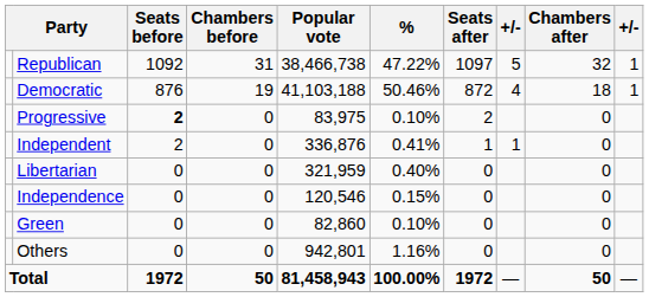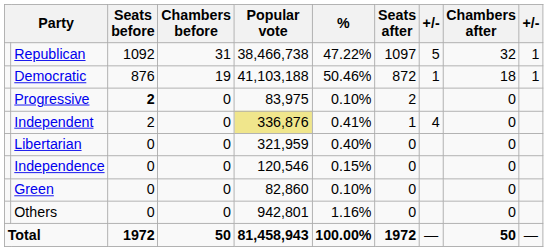 <table class="wikitable">
 <tr>
 <th colspan="2">Party</th>
 <th>Seats<br>before</th>
 <th>Chambers<br>before</th>
 <th>Popular<br>vote</th>
 <th>%</th>
 <th>Seats<br>after</th>
 <th>+/-</th>
 <th>Chambers<br>after</th>
 <th>+/-</th>
 </tr>
 <tr>
 <td style="background:"></td>
 <td><a href='#'>Republican</a></td>
 <td align="right">1092</td>
 <td align="right">31</td>
 <td align="right">38,466,738</td>
 <td align="right">47.22%</td>
 <td align="right">1097</td>
 <td align="right"> 5</td>
 <td align="right">32</td>
 <td align="right"> 1</td>
 </tr>
 <tr>
 <td style="background:"></td>
 <td><a href='#'>Democratic</a></td>
 <td align="right">876</td>
 <td align="right">19</td>
 <td align="right">41,103,188</td>
 <td align="right">50.46%</td>
 <td align="right">872</td>
-<td align="right"> 4</td>
+<td align="right"> 1</td>
 <td align="right">18</td>
 <td align="right"> 1</td>
 </tr>
 <tr>
 <td style="background:"></td>
 <td><a href='#'>Progressive</a></td>
 <td align="right"><strong>2</strong></td>
 <td align="right">0</td>
 <td align="right">83,975</td>
 <td align="right">0.10%</td>
 <td align="right">2</td>
 <td align="center"></td>
 <td align="right">0</td>
 <td align="center"></td>
 </tr>
 <tr>
 <td style="background:"></td>
 <td><a href='#'>Independent</a></td>
 <td align="right">2</td>
 <td align="right">0</td>
-<td align="right">336,876</td>
+<td align="right" style="background: khaki;">336,876</td>
 <td align="right">0.41%</td>
 <td align="right">1</td>
-<td align="right"> 1</td>
+<td align="right"> 4</td>
 <td align="right">0</td>
 <td align="center"></td>
 </tr>
 <tr>
 <td style="background:"></td>
 <td><a href='#'>Libertarian</a></td>
 <td align="right">0</td>
 <td align="right">0</td>
 <td align="right">321,959</td>
 <td align="right">0.40%</td>
 <td align="right">0</td>
 <td align="center"></td>
 <td align="right">0</td>
 <td align="center"></td>
 </tr>
 <tr>
 <td style="background:"></td>
 <td><a href='#'>Independence</a></td>
 <td align="right">0</td>
 <td align="right">0</td>
 <td align="right">120,546</td>
 <td align="right">0.15%</td>
 <td align="right">0</td>
 <td align="center"></td>
 <td align="right">0</td>
 <td align="center"></td>
 </tr>
 <tr>
 <td style="background:"></td>
 <td><a href='#'>Green</a></td>
 <td align="right">0</td>
 <td align="right">0</td>
 <td align="right">82,860</td>
 <td align="right">0.10%</td>
 <td align="right">0</td>
 <td align="center"></td>
 <td align="right">0</td>
 <td align="center"></td>
 </tr>
 <tr>
 <td></td>
 <td>Others</td>
 <td align="right">0</td>
 <td align="right">0</td>
 <td align="right">942,801</td>
 <td align="right">1.16%</td>
 <td align="right">0</td>
 <td align="center"></td>
 <td align="right">0</td>
 <td align="center"></td>
 </tr>
 <tr>
 <td colspan="2"><strong>Total</strong></td>
 <td align="right"><strong>1972</strong></td>
 <td align="right"><strong>50</strong></td>
 <td align="right"><strong>81,458,943</strong></td>
 <td align="right"><strong>100.00%</strong></td>
 <td align="right"><strong>1972</strong></td>
 <td align="center">—</td>
 <td align="right"><strong>50</strong></td>
 <td align="center">—</td>
 </tr>
 </table>
